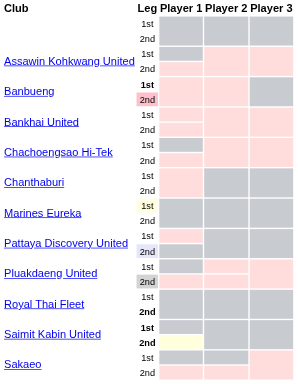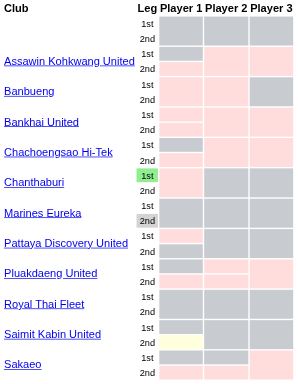 <table class="sortable" style="text-align:left">
 <tr>
 <th>Club</th>
 <th>Leg</th>
 <th>Player 1</th>
 <th>Player 2</th>
 <th>Player 3</th>
 </tr>
 <tr>
 <td rowspan="2"></td>
 <td align="center"><small>1st</small></td>
 <td bgcolor="#c8ccd1"rowspan="2"></td>
 <td bgcolor="#c8ccd1"rowspan="2"></td>
 <td bgcolor="#c8ccd1"rowspan="2"></td>
 </tr>
 <tr>
 <td align="center"><small>2nd</small></td>
 </tr>
 <tr>
 <td rowspan="2"><a href='#'>Assawin Kohkwang United</a></td>
 <td align="center"><small>1st</small></td>
 <td bgcolor="#c8ccd1"></td>
 <td bgcolor="#ffdddd"rowspan="2"></td>
 <td bgcolor="#ffdddd"rowspan="2"></td>
 </tr>
 <tr>
 <td align="center"><small>2nd</small></td>
 <td bgcolor="#ffdddd"></td>
 </tr>
 <tr>
 <td rowspan="2"><a href='#'>Banbueng</a></td>
-<td align="center"><strong><small>1st</small></strong></td>
+<td align="center"><small>1st</small></td>
 <td bgcolor="#ffdddd"rowspan="2"></td>
 <td bgcolor="#ffdddd"rowspan="2"></td>
 <td bgcolor="#c8ccd1"rowspan="2"></td>
 </tr>
 <tr>
-<td align="center" style="background: pink;"><small>2nd</small></td>
+<td align="center"><small>2nd</small></td>
 </tr>
 <tr>
 <td rowspan="2"><a href='#'>Bankhai United</a></td>
 <td align="center"><small>1st</small></td>
 <td bgcolor="#ffdddd"></td>
 <td bgcolor="#ffdddd"rowspan="2"></td>
 <td bgcolor="#ffdddd"rowspan="2"></td>
 </tr>
 <tr>
 <td align="center"><small>2nd</small></td>
 <td bgcolor="#ffdddd"></td>
 </tr>
 <tr>
 <td rowspan="2"><a href='#'>Chachoengsao Hi-Tek</a></td>
 <td align="center"><small>1st</small></td>
 <td bgcolor="#c8ccd1"></td>
 <td bgcolor="#ffdddd"rowspan="2"></td>
 <td bgcolor="#ffdddd"rowspan="2"></td>
 </tr>
 <tr>
 <td align="center"><small>2nd</small></td>
 <td bgcolor="#ffdddd"></td>
 </tr>
 <tr>
 <td rowspan="2"><a href='#'>Chanthaburi</a></td>
-<td align="center"><small>1st</small></td>
+<td align="center" style="background: lightgreen;"><small>1st</small></td>
 <td bgcolor="#ffdddd"rowspan="2"></td>
 <td bgcolor="#c8ccd1"rowspan="2"></td>
 <td bgcolor="#c8ccd1"rowspan="2"></td>
 </tr>
 <tr>
 <td align="center"><small>2nd</small></td>
 </tr>
 <tr>
 <td rowspan="2"><a href='#'>Marines Eureka</a></td>
-<td align="center" style="background: lightyellow;"><small>1st</small></td>
+<td align="center"><small>1st</small></td>
 <td bgcolor="#c8ccd1"rowspan="2"></td>
 <td bgcolor="#c8ccd1"rowspan="2"></td>
 <td bgcolor="#c8ccd1"rowspan="2"></td>
 </tr>
 <tr>
-<td align="center"><small>2nd</small></td>
+<td align="center" style="background: lightgrey;"><small>2nd</small></td>
 </tr>
 <tr>
 <td rowspan="2"><a href='#'>Pattaya Discovery United</a></td>
 <td align="center"><small>1st</small></td>
 <td bgcolor="#ffdddd"></td>
 <td bgcolor="#c8ccd1"rowspan="2"></td>
 <td bgcolor="#c8ccd1"rowspan="2"></td>
 </tr>
 <tr>
-<td align="center" style="background: lavender;"><small>2nd</small></td>
+<td align="center"><small>2nd</small></td>
 <td bgcolor="#c8ccd1"></td>
 </tr>
 <tr>
 <td rowspan="2"><a href='#'>Pluakdaeng United</a></td>
 <td align="center"><small>1st</small></td>
 <td bgcolor="#c8ccd1"></td>
 <td bgcolor="#ffdddd"></td>
 <td bgcolor="#ffdddd"rowspan="2"></td>
 </tr>
 <tr>
-<td align="center" style="background: lightgrey;"><small>2nd</small></td>
+<td align="center"><small>2nd</small></td>
 <td bgcolor="#ffdddd"></td>
 <td bgcolor="#ffdddd"></td>
 </tr>
 <tr>
 <td rowspan="2"><a href='#'>Royal Thai Fleet</a></td>
 <td align="center"><small>1st</small></td>
 <td bgcolor="#c8ccd1"rowspan="2"></td>
 <td bgcolor="#c8ccd1"rowspan="2"></td>
 <td bgcolor="#c8ccd1"rowspan="2"></td>
 </tr>
 <tr>
-<td align="center"><strong><small>2nd</small></strong></td>
+<td align="center"><small>2nd</small></td>
 </tr>
 <tr>
 <td rowspan="2"><a href='#'>Saimit Kabin United</a></td>
-<td align="center"><strong><small>1st</small></strong></td>
+<td align="center"><small>1st</small></td>
 <td bgcolor="#c8ccd1"></td>
 <td bgcolor="#c8ccd1"rowspan="2"></td>
 <td bgcolor="#c8ccd1"rowspan="2"></td>
 </tr>
 <tr>
-<td align="center"><strong><small>2nd</small></strong></td>
+<td align="center"><small>2nd</small></td>
 <td bgcolor="#ffffdd"></td>
 </tr>
 <tr>
 <td rowspan="2"><a href='#'>Sakaeo</a></td>
 <td align="center"><small>1st</small></td>
 <td bgcolor="#c8ccd1"></td>
 <td bgcolor="#c8ccd1"></td>
 <td bgcolor="#ffdddd"rowspan="2"></td>
 </tr>
 <tr>
 <td align="center"><small>2nd</small></td>
 <td bgcolor="#ffdddd"></td>
 <td bgcolor="#ffdddd"></td>
 </tr>
 </table>
